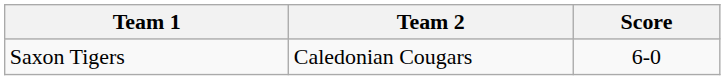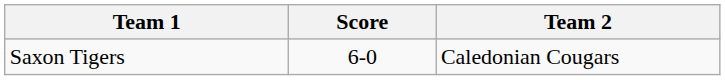 <table class="wikitable" style="text-align:centre;">
 <tr>
 <th width=200>Team 1</th>
+<th width=100>Score</th>
 <th width=200>Team 2</th>
-<th width=100>Score</th>
 </tr>
 <tr>
 <td>Saxon Tigers</td>
+<td align=center>6-0</td>
 <td>Caledonian Cougars</td>
-<td align=center>6-0</td>
 </tr>
 </table>
